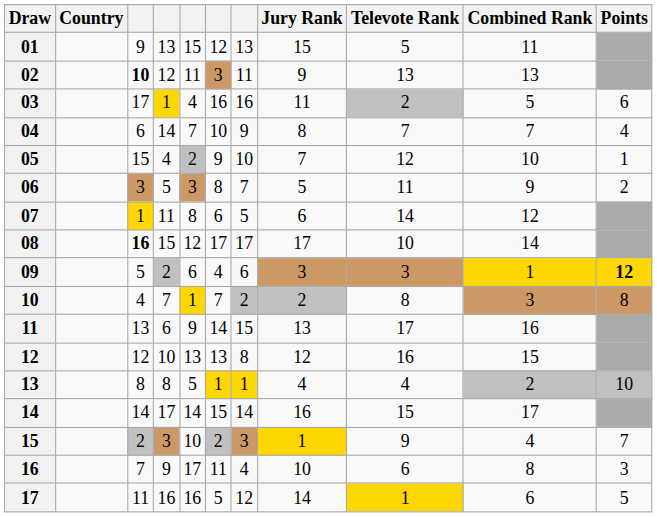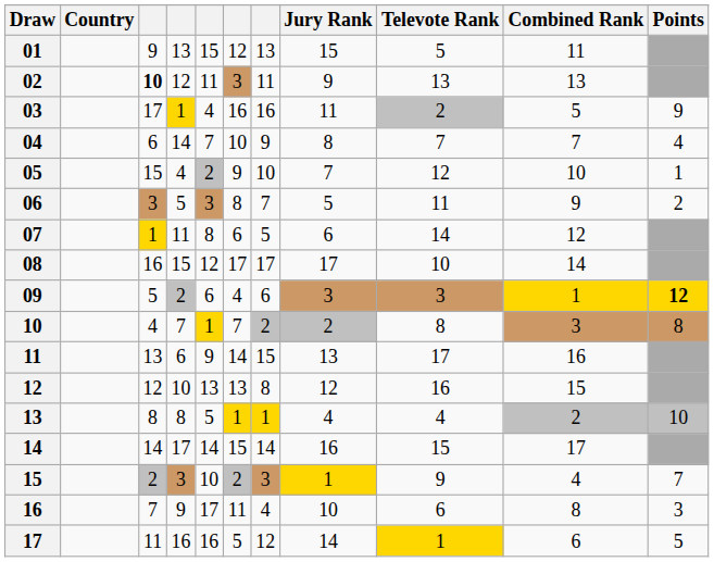 <table class="sortable wikitable collapsible plainrowheaders" style="text-align:center;">
 <tr>
 </tr>
 <tr>
 <th scope="col">Draw</th>
 <th scope="col">Country</th>
 <th scope="col"><small></small></th>
 <th scope="col"><small></small></th>
 <th scope="col"><small></small></th>
 <th scope="col"><small></small></th>
 <th scope="col"><small></small></th>
 <th scope="col">Jury Rank</th>
 <th scope="col">Televote Rank</th>
 <th scope="col">Combined Rank</th>
 <th scope="col">Points</th>
 </tr>
 <tr>
 <th scope="row" style="text-align:center;">01</th>
 <td style="text-align:left;"></td>
 <td>9</td>
 <td>13</td>
 <td>15</td>
 <td>12</td>
 <td>13</td>
 <td>15</td>
 <td>5</td>
 <td>11</td>
 <td style="background:#AAAAAA;"></td>
 </tr>
 <tr>
 <th scope="row" style="text-align:center;">02</th>
 <td style="text-align:left;"></td>
 <td><strong>10</strong></td>
 <td>12</td>
 <td>11</td>
 <td style="background:#CC9966;">3</td>
 <td>11</td>
 <td>9</td>
 <td>13</td>
 <td>13</td>
 <td style="background:#AAAAAA;"></td>
 </tr>
 <tr>
 <th scope="row" style="text-align:center;">03</th>
 <td style="text-align:left;"></td>
 <td>17</td>
 <td style="background:gold;">1</td>
 <td>4</td>
 <td>16</td>
 <td>16</td>
 <td>11</td>
 <td style="background:silver;">2</td>
 <td>5</td>
-<td>6</td>
+<td>9</td>
 </tr>
 <tr>
 <th scope="row" style="text-align:center;">04</th>
 <td style="text-align:left;"></td>
 <td>6</td>
 <td>14</td>
 <td>7</td>
 <td>10</td>
 <td>9</td>
 <td>8</td>
 <td>7</td>
 <td>7</td>
 <td>4</td>
 </tr>
 <tr>
 <th scope="row" style="text-align:center;">05</th>
 <td style="text-align:left;"></td>
 <td>15</td>
 <td>4</td>
 <td style="background:silver;">2</td>
 <td>9</td>
 <td>10</td>
 <td>7</td>
 <td>12</td>
 <td>10</td>
 <td>1</td>
 </tr>
 <tr>
 <th scope="row" style="text-align:center;">06</th>
 <td style="text-align:left;"></td>
 <td style="background:#CC9966;">3</td>
 <td>5</td>
 <td style="background:#CC9966;">3</td>
 <td>8</td>
 <td>7</td>
 <td>5</td>
 <td>11</td>
 <td>9</td>
 <td>2</td>
 </tr>
 <tr>
 <th scope="row" style="text-align:center;">07</th>
 <td style="text-align:left;"></td>
 <td style="background:gold;">1</td>
 <td>11</td>
 <td>8</td>
 <td>6</td>
 <td>5</td>
 <td>6</td>
 <td>14</td>
 <td>12</td>
 <td style="background:#AAAAAA;"></td>
 </tr>
 <tr>
 <th scope="row" style="text-align:center;">08</th>
 <td style="text-align:left;"></td>
-<td><strong>16</strong></td>
+<td>16</td>
 <td>15</td>
 <td>12</td>
 <td>17</td>
 <td>17</td>
 <td>17</td>
 <td>10</td>
 <td>14</td>
 <td style="background:#AAAAAA;"></td>
 </tr>
 <tr>
 <th scope="row" style="text-align:center;">09</th>
 <td style="text-align:left;"></td>
 <td>5</td>
 <td style="background:silver;">2</td>
 <td>6</td>
 <td>4</td>
 <td>6</td>
 <td style="background:#CC9966;">3</td>
 <td style="background:#CC9966;">3</td>
 <td style="background:gold;">1</td>
 <td style="background:gold;"><strong>12</strong></td>
 </tr>
 <tr>
 <th scope="row" style="text-align:center;">10</th>
 <td style="text-align:left;"></td>
 <td>4</td>
 <td>7</td>
 <td style="background:gold;">1</td>
 <td>7</td>
 <td style="background:silver;">2</td>
 <td style="background:silver;">2</td>
 <td>8</td>
 <td style="background:#CC9966;">3</td>
 <td style="background:#CC9966;">8</td>
 </tr>
 <tr>
 <th scope="row" style="text-align:center;">11</th>
 <td style="text-align:left;"></td>
 <td>13</td>
 <td>6</td>
 <td>9</td>
 <td>14</td>
 <td>15</td>
 <td>13</td>
 <td>17</td>
 <td>16</td>
 <td style="background:#AAAAAA;"></td>
 </tr>
 <tr>
 <th scope="row" style="text-align:center;">12</th>
 <td style="text-align:left;"></td>
 <td>12</td>
 <td>10</td>
 <td>13</td>
 <td>13</td>
 <td>8</td>
 <td>12</td>
 <td>16</td>
 <td>15</td>
 <td style="background:#AAAAAA;"></td>
 </tr>
 <tr>
 <th scope="row" style="text-align:center;">13</th>
 <td style="text-align:left;"></td>
 <td>8</td>
 <td>8</td>
 <td>5</td>
 <td style="background:gold;">1</td>
 <td style="background:gold;">1</td>
 <td>4</td>
 <td>4</td>
 <td style="background:silver;">2</td>
 <td style="background:silver;">10</td>
 </tr>
 <tr>
 <th scope="row" style="text-align:center;">14</th>
 <td style="text-align:left;"></td>
 <td>14</td>
 <td>17</td>
 <td>14</td>
 <td>15</td>
 <td>14</td>
 <td>16</td>
 <td>15</td>
 <td>17</td>
 <td style="background:#AAAAAA;"></td>
 </tr>
 <tr>
 <th scope="row" style="text-align:center;">15</th>
 <td style="text-align:left;"></td>
 <td style="background:silver;">2</td>
 <td style="background:#CC9966;">3</td>
 <td>10</td>
 <td style="background:silver;">2</td>
 <td style="background:#CC9966;">3</td>
 <td style="background:gold;">1</td>
 <td>9</td>
 <td>4</td>
 <td>7</td>
 </tr>
 <tr>
 <th scope="row" style="text-align:center;">16</th>
 <td style="text-align:left;"></td>
 <td>7</td>
 <td>9</td>
 <td>17</td>
 <td>11</td>
 <td>4</td>
 <td>10</td>
 <td>6</td>
 <td>8</td>
 <td>3</td>
 </tr>
 <tr>
 <th scope="row" style="text-align:center;">17</th>
 <td style="text-align:left;"></td>
 <td>11</td>
 <td>16</td>
 <td>16</td>
 <td>5</td>
 <td>12</td>
 <td>14</td>
 <td style="background:gold;">1</td>
 <td>6</td>
 <td>5</td>
 </tr>
 </table>
